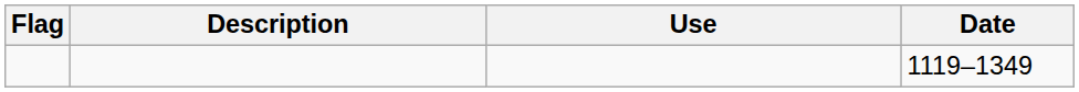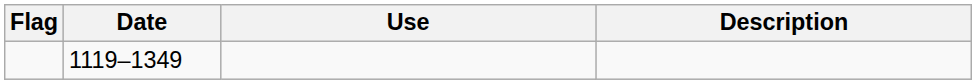 <table class="wikitable">
 <tr>
 <th>Flag</th>
+<th style="width:100px;">Date</th>
+<th style="width:250px;">Use</th>
 <th style="width:250px;">Description</th>
-<th style="width:250px;">Use</th>
-<th style="width:100px;">Date</th>
 </tr>
 <tr>
 <td></td>
+<td>1119–1349</td>
 <td></td>
 <td></td>
-<td>1119–1349</td>
 </tr>
 </table>
